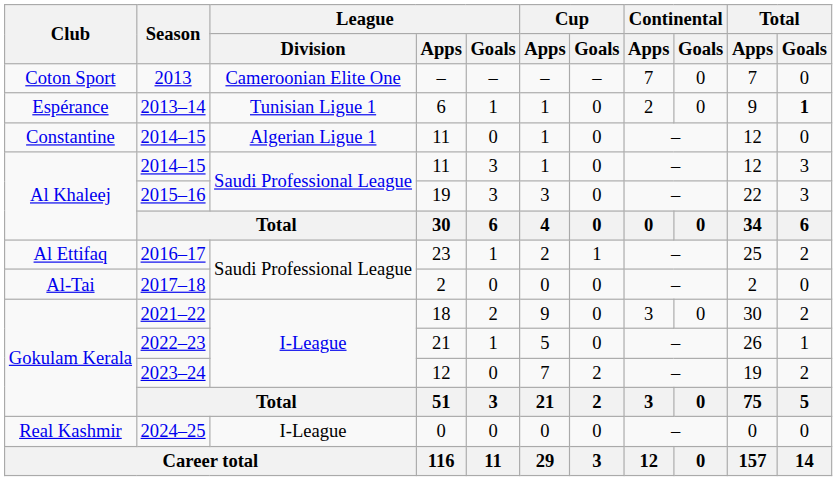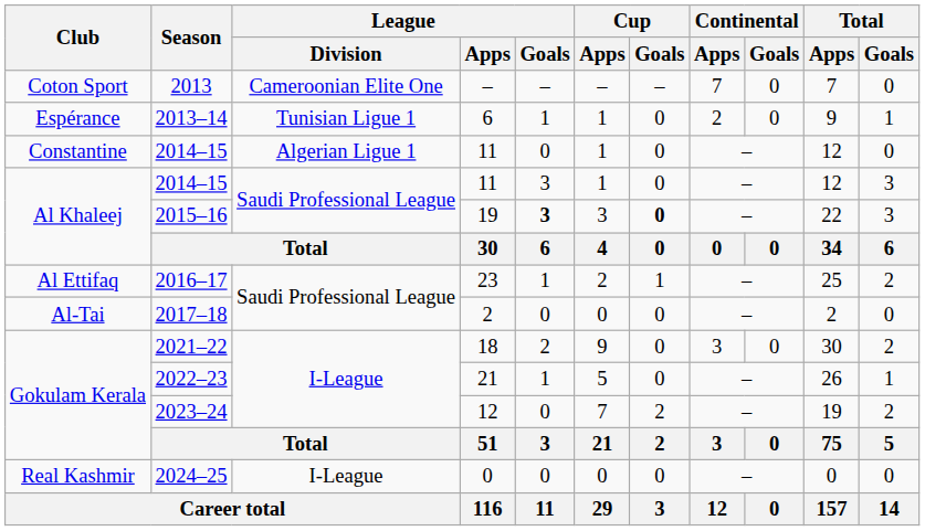 <table class=wikitable style=text-align:center>
 <tr>
 <th rowspan=2>Club</th>
 <th rowspan=2>Season</th>
 <th colspan=3>League</th>
 <th colspan=2>Cup</th>
 <th colspan=2>Continental</th>
 <th colspan=2>Total</th>
 </tr>
 <tr>
 <th>Division</th>
 <th>Apps</th>
 <th>Goals</th>
 <th>Apps</th>
 <th>Goals</th>
 <th>Apps</th>
 <th>Goals</th>
 <th>Apps</th>
 <th>Goals</th>
 </tr>
 <tr>
 <td rowspan="1"><a href='#'>Coton Sport</a></td>
 <td><a href='#'>2013</a></td>
 <td rowspan="1"><a href='#'>Cameroonian Elite One</a></td>
 <td>–</td>
 <td>–</td>
 <td>–</td>
 <td>–</td>
 <td>7</td>
 <td>0</td>
 <td>7</td>
 <td>0</td>
 </tr>
 <tr>
 <td rowspan="1"><a href='#'>Espérance</a></td>
 <td><a href='#'>2013–14</a></td>
 <td rowspan="1"><a href='#'>Tunisian Ligue 1</a></td>
 <td>6</td>
 <td>1</td>
 <td>1</td>
 <td>0</td>
 <td>2</td>
 <td>0</td>
 <td>9</td>
-<td><strong>1</strong></td>
+<td>1</td>
 </tr>
 <tr>
 <td rowspan="1"><a href='#'>Constantine</a></td>
 <td><a href='#'>2014–15</a></td>
 <td rowspan="1"><a href='#'>Algerian Ligue 1</a></td>
 <td>11</td>
 <td>0</td>
 <td>1</td>
 <td>0</td>
 <td colspan="2">–</td>
 <td>12</td>
 <td>0</td>
 </tr>
 <tr>
 <td rowspan="3"><a href='#'>Al Khaleej</a></td>
 <td><a href='#'>2014–15</a></td>
 <td rowspan="2"><a href='#'>Saudi Professional League</a></td>
 <td>11</td>
 <td>3</td>
 <td>1</td>
 <td>0</td>
 <td colspan="2">–</td>
 <td>12</td>
 <td>3</td>
 </tr>
 <tr>
 <td><a href='#'>2015–16</a></td>
 <td>19</td>
+<td><strong>3</strong></td>
 <td>3</td>
-<td>3</td>
-<td>0</td>
+<td><strong>0</strong></td>
 <td colspan="2">–</td>
 <td>22</td>
 <td>3</td>
 </tr>
 <tr>
 <th colspan="2">Total</th>
 <th>30</th>
 <th>6</th>
 <th>4</th>
 <th>0</th>
 <th>0</th>
 <th>0</th>
 <th>34</th>
 <th>6</th>
 </tr>
 <tr>
 <td rowspan="1"><a href='#'>Al Ettifaq</a></td>
 <td><a href='#'>2016–17</a></td>
 <td rowspan="2">Saudi Professional League</td>
 <td>23</td>
 <td>1</td>
 <td>2</td>
 <td>1</td>
 <td colspan="2">–</td>
 <td>25</td>
 <td>2</td>
 </tr>
 <tr>
 <td rowspan="1"><a href='#'>Al-Tai</a></td>
 <td><a href='#'>2017–18</a></td>
 <td>2</td>
 <td>0</td>
 <td>0</td>
 <td>0</td>
 <td colspan="2">–</td>
 <td>2</td>
 <td>0</td>
 </tr>
 <tr>
 <td rowspan="4"><a href='#'>Gokulam Kerala</a></td>
 <td><a href='#'>2021–22</a></td>
 <td rowspan="3"><a href='#'>I-League</a></td>
 <td>18</td>
 <td>2</td>
 <td>9</td>
 <td>0</td>
 <td>3</td>
 <td>0</td>
 <td>30</td>
 <td>2</td>
 </tr>
 <tr>
 <td><a href='#'>2022–23</a></td>
 <td>21</td>
 <td>1</td>
 <td>5</td>
 <td>0</td>
 <td colspan="2">–</td>
 <td>26</td>
 <td>1</td>
 </tr>
 <tr>
 <td><a href='#'>2023–24</a></td>
 <td>12</td>
 <td>0</td>
 <td>7</td>
 <td>2</td>
 <td colspan="2">–</td>
 <td>19</td>
 <td>2</td>
 </tr>
 <tr>
 <th colspan="2">Total</th>
 <th>51</th>
 <th>3</th>
 <th>21</th>
 <th>2</th>
 <th>3</th>
 <th>0</th>
 <th>75</th>
 <th>5</th>
 </tr>
 <tr>
 <td rowspan="1"><a href='#'>Real Kashmir</a></td>
 <td><a href='#'>2024–25</a></td>
 <td rowspan="1">I-League</td>
 <td>0</td>
 <td>0</td>
 <td>0</td>
 <td>0</td>
 <td colspan="2">–</td>
 <td>0</td>
 <td>0</td>
 </tr>
 <tr>
 <th colspan="3">Career total</th>
 <th>116</th>
 <th>11</th>
 <th>29</th>
 <th>3</th>
 <th>12</th>
 <th>0</th>
 <th>157</th>
 <th>14</th>
 </tr>
 </table>
